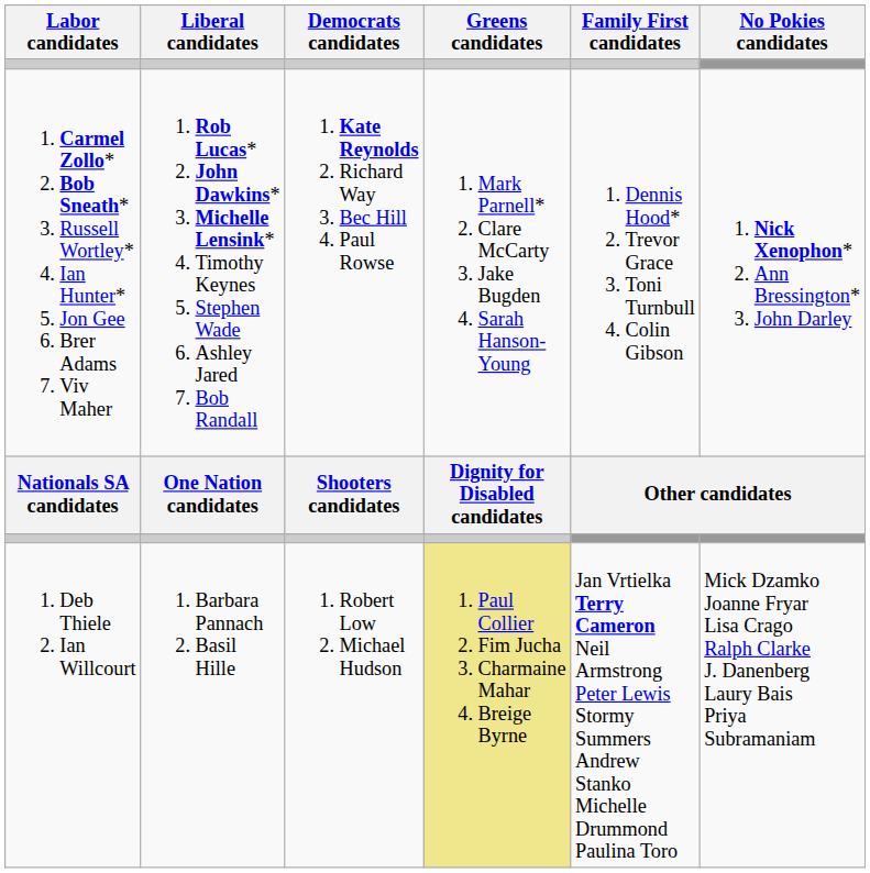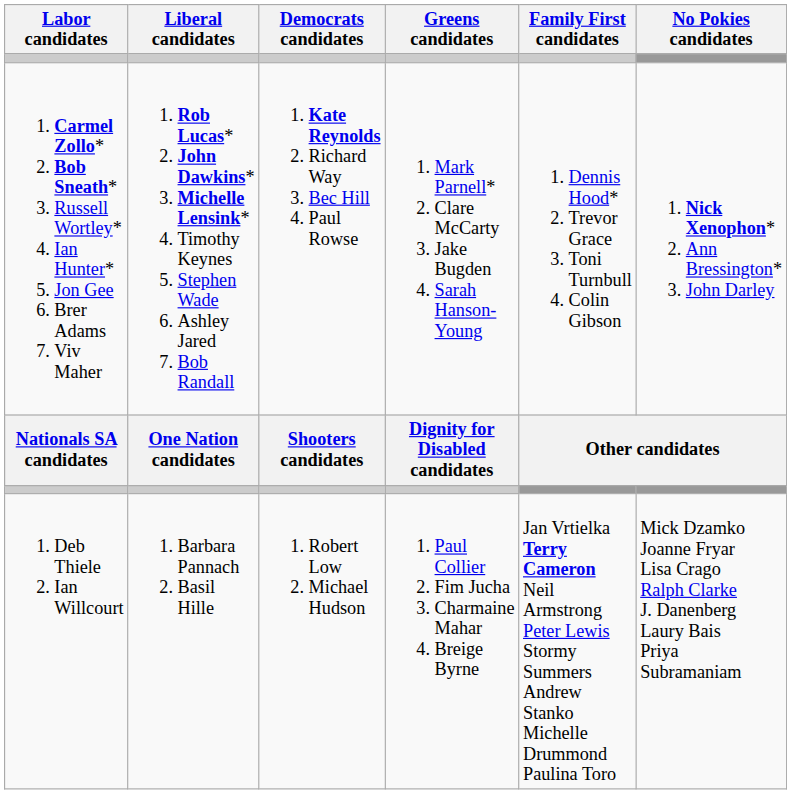 <table class="wikitable">
 <tr>
 <th><a href='#'>Labor</a> candidates</th>
 <th><a href='#'>Liberal</a> candidates</th>
 <th><a href='#'>Democrats</a> candidates</th>
 <th><a href='#'>Greens</a> candidates</th>
 <th><a href='#'>Family First</a> candidates</th>
 <th><a href='#'>No Pokies</a> candidates</th>
 </tr>
 <tr bgcolor="#cccccc">
 <td></td>
 <td></td>
 <td></td>
 <td></td>
 <td></td>
 <td bgcolor="#999999"></td>
 </tr>
 <tr>
 <td><br><ol><li><strong><a href='#'>Carmel Zollo</a></strong>*</li><li><strong><a href='#'>Bob Sneath</a></strong>*</li><li><a href='#'>Russell Wortley</a>*</li><li><a href='#'>Ian Hunter</a>*</li><li><a href='#'>Jon Gee</a></li><li>Brer Adams</li><li>Viv Maher</li></ol></td>
 <td><br><ol><li><strong><a href='#'>Rob Lucas</a></strong>*</li><li><strong><a href='#'>John Dawkins</a></strong>*</li><li><strong><a href='#'>Michelle Lensink</a></strong>*</li><li>Timothy Keynes</li><li><a href='#'>Stephen Wade</a></li><li>Ashley Jared</li><li><a href='#'>Bob Randall</a></li></ol></td>
 <td valign=top><br><ol><li><strong><a href='#'>Kate Reynolds</a></strong></li><li>Richard Way</li><li><a href='#'>Bec Hill</a></li><li>Paul Rowse</li></ol></td>
 <td><br><ol><li><a href='#'>Mark Parnell</a>*</li><li>Clare McCarty</li><li>Jake Bugden</li><li><a href='#'>Sarah Hanson-Young</a></li></ol></td>
 <td><br><ol><li><a href='#'>Dennis Hood</a>*</li><li>Trevor Grace</li><li>Toni Turnbull</li><li>Colin Gibson</li></ol></td>
 <td><br><ol><li><strong><a href='#'>Nick Xenophon</a></strong>*</li><li><a href='#'>Ann Bressington</a>*</li><li><a href='#'>John Darley</a></li></ol></td>
 </tr>
 <tr bgcolor="#cccccc">
 <th><a href='#'>Nationals SA</a> candidates</th>
 <th><a href='#'>One Nation</a> candidates</th>
 <th><a href='#'>Shooters</a> candidates</th>
 <th><a href='#'>Dignity for Disabled</a> candidates</th>
 <th colspan="2">Other candidates</th>
 </tr>
 <tr bgcolor="#cccccc">
 <td></td>
 <td></td>
 <td></td>
 <td></td>
 <td bgcolor="#999999"></td>
 <td bgcolor="#999999"></td>
 </tr>
 <tr>
 <td valign=top><br><ol><li>Deb Thiele</li><li>Ian Willcourt</li></ol></td>
 <td valign=top><br><ol><li>Barbara Pannach</li><li>Basil Hille</li></ol></td>
 <td valign=top><br><ol><li>Robert Low</li><li>Michael Hudson</li></ol></td>
-<td valign=top style="background: khaki;"><br><ol><li><a href='#'>Paul Collier</a></li><li>Fim Jucha</li><li>Charmaine Mahar</li><li>Breige Byrne</li></ol></td>
+<td valign=top><br><ol><li><a href='#'>Paul Collier</a></li><li>Fim Jucha</li><li>Charmaine Mahar</li><li>Breige Byrne</li></ol></td>
 <td valign=top><br>Jan Vrtielka <br> <strong><a href='#'>Terry Cameron</a></strong> <br> Neil Armstrong <br> <a href='#'>Peter Lewis</a> <br> Stormy Summers <br> Andrew Stanko <br> Michelle Drummond <br> Paulina Toro</td>
 <td valign=top><br>Mick Dzamko <br> Joanne Fryar <br> Lisa Crago <br> <a href='#'>Ralph Clarke</a> <br> J. Danenberg <br> Laury Bais <br> Priya Subramaniam</td>
 </tr>
 </table>
